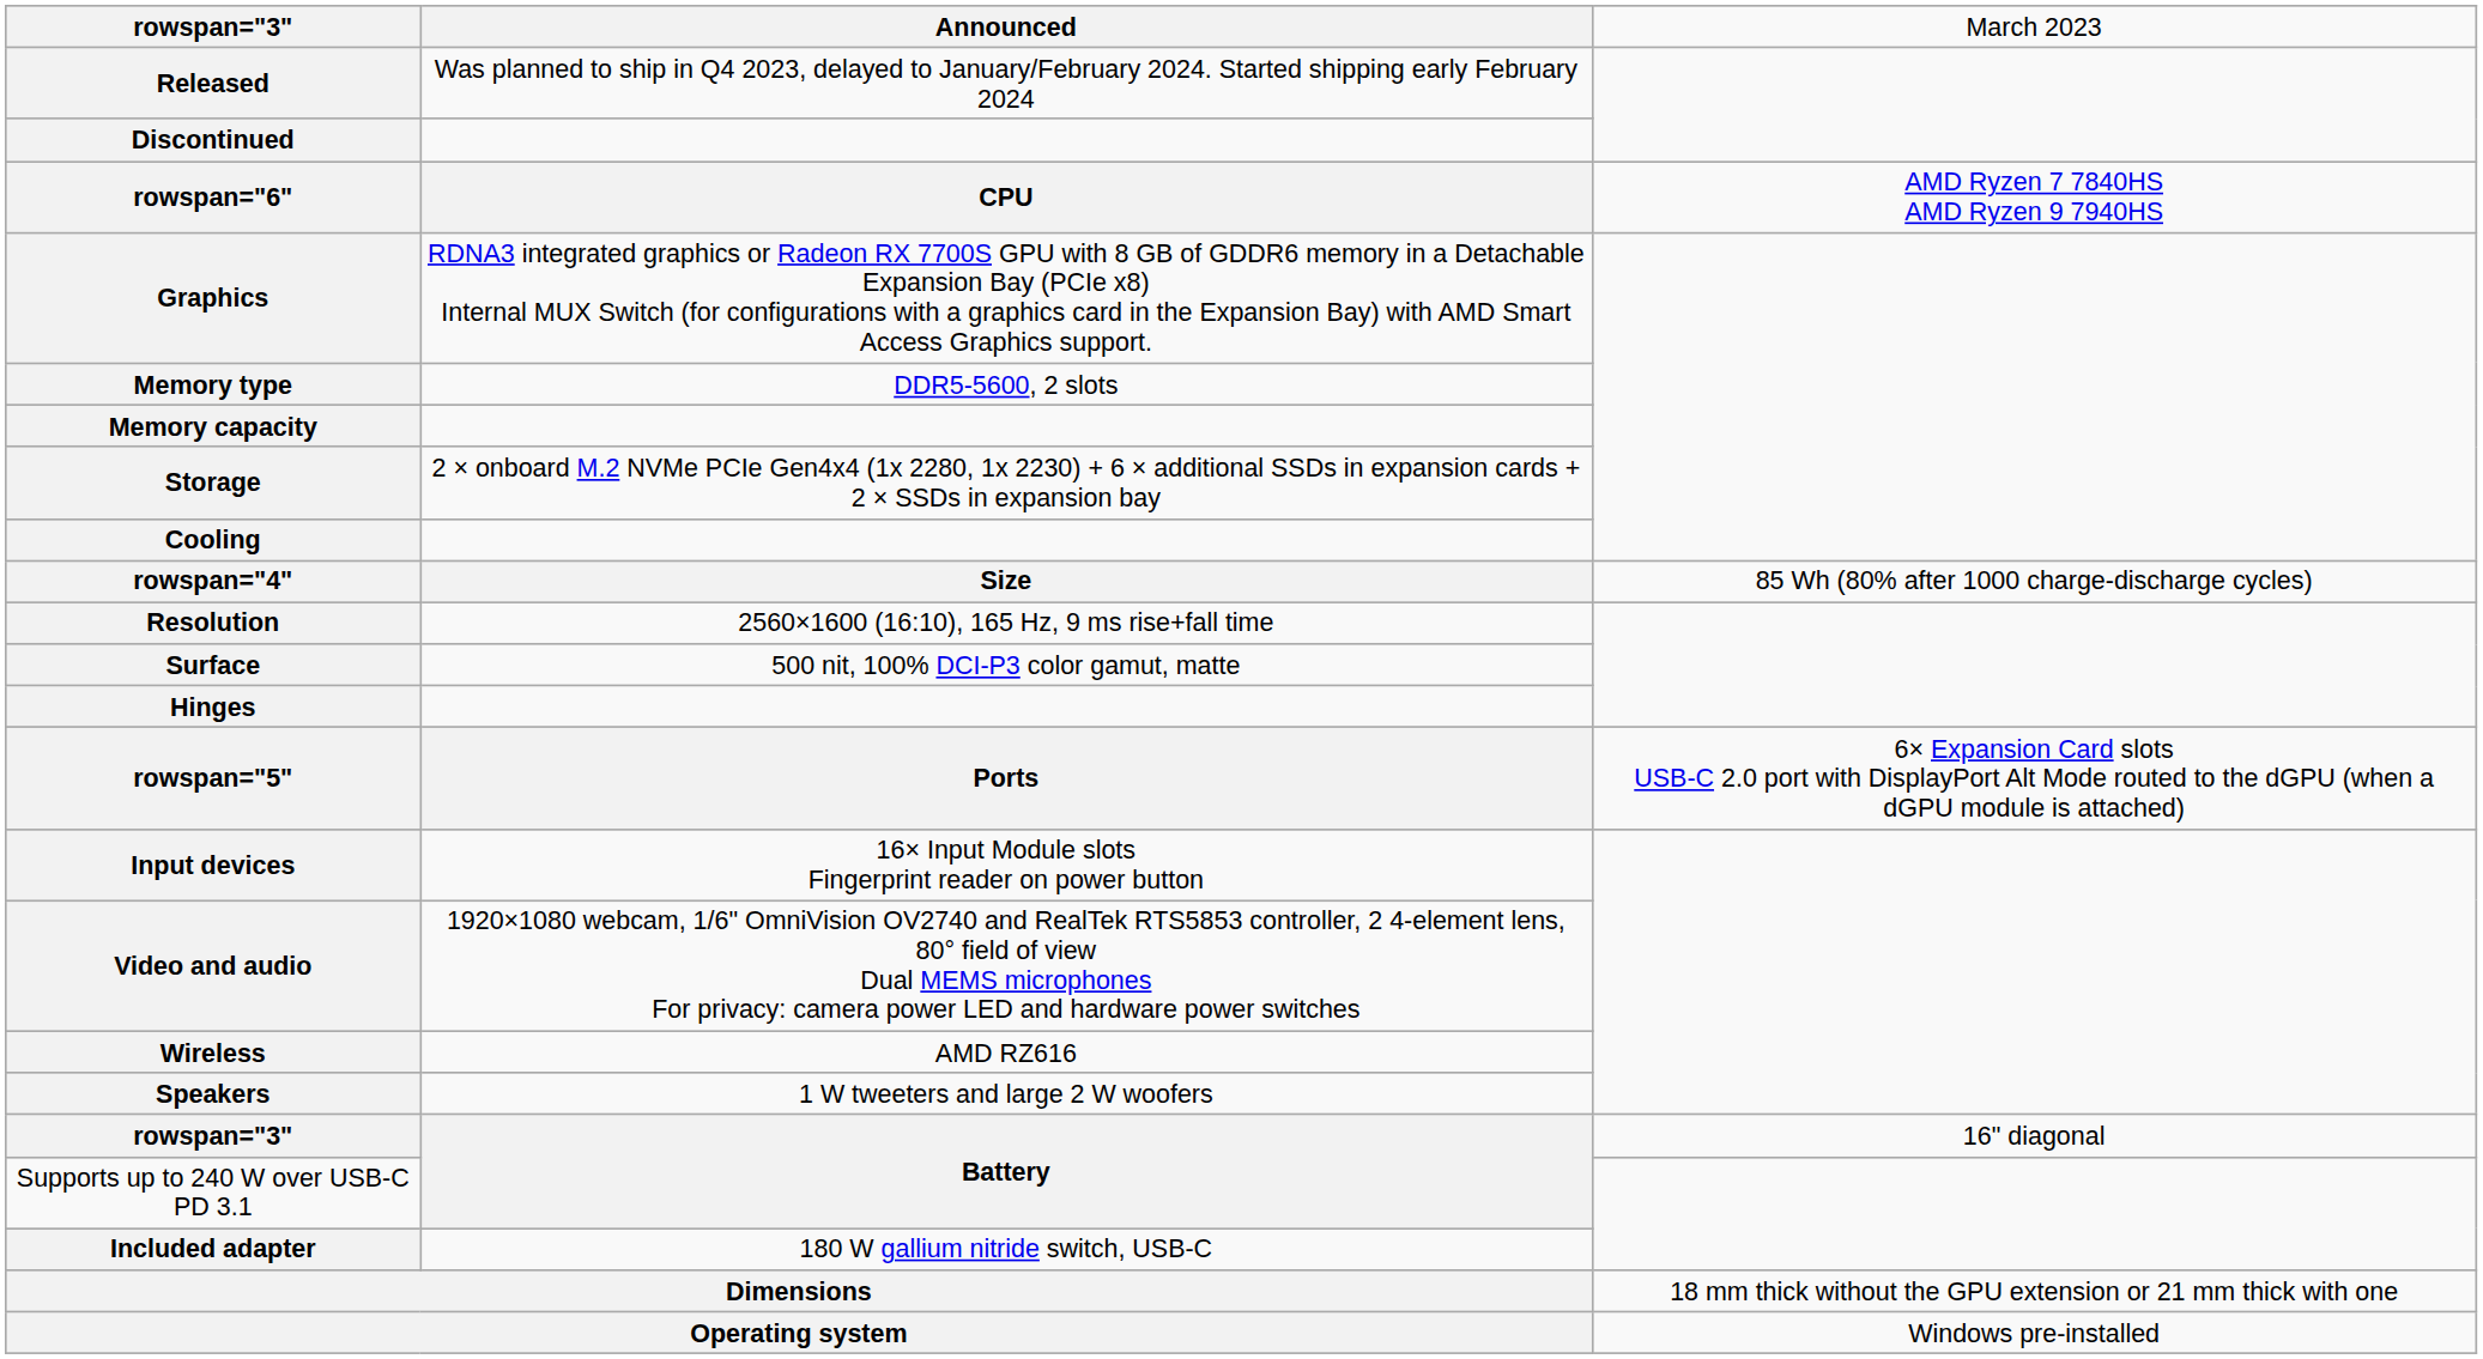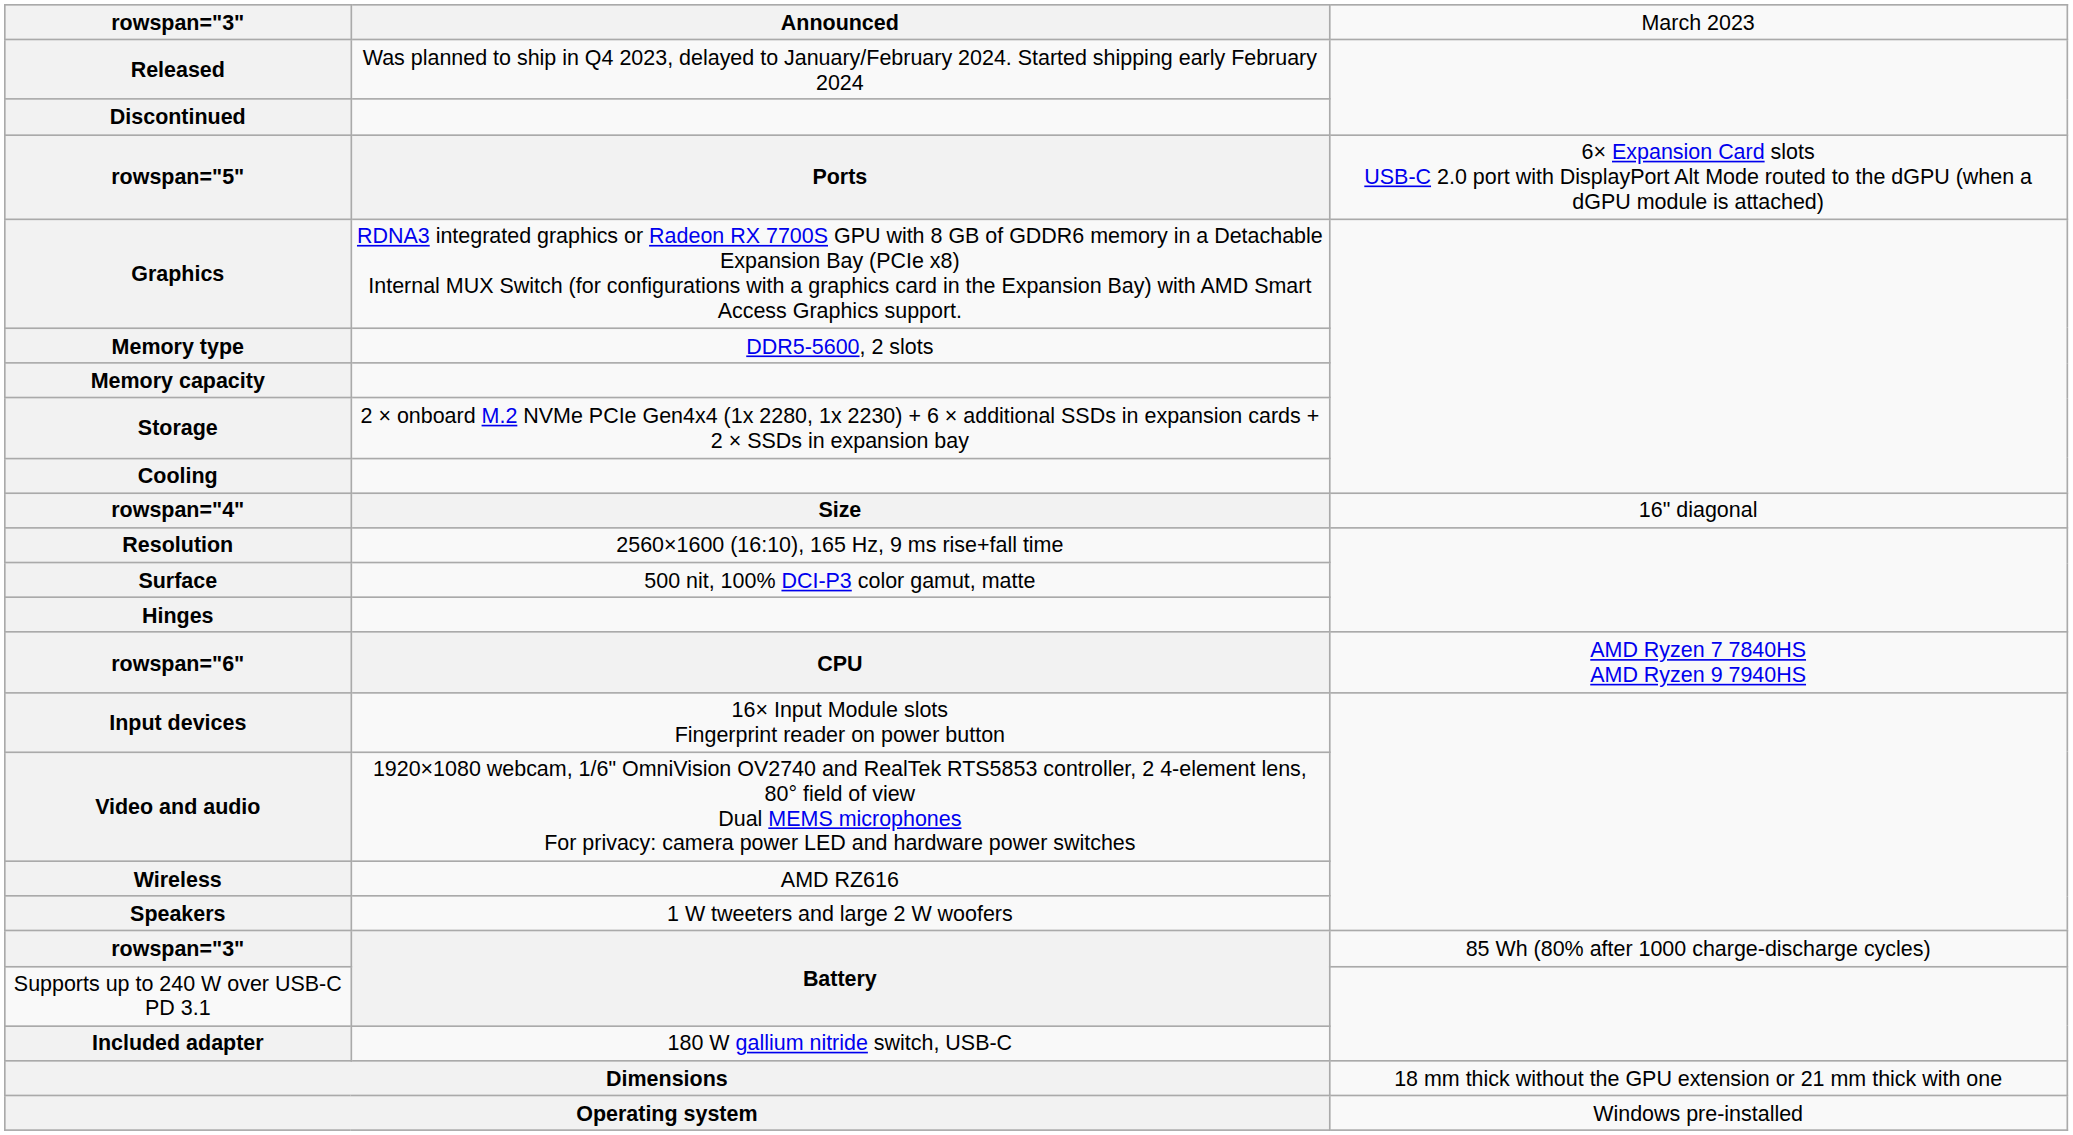 <table class="wikitable mw-collapsible" style="font-size:small; text-align:center">
 <tr>
 <th>rowspan="3" </th>
 <th>Announced</th>
 <td>March 2023</td>
 </tr>
 <tr>
 <th>Released</th>
 <td>Was planned to ship in Q4 2023, delayed to January/February 2024. Started shipping early February 2024</td>
 </tr>
 <tr>
 <th>Discontinued</th>
 <td></td>
 </tr>
 <tr>
-<th>rowspan="6" </th>
-<th>CPU</th>
-<td><a href='#'>AMD Ryzen 7 7840HS</a><br><a href='#'>AMD Ryzen 9 7940HS</a></td>
+<th>rowspan="5" </th>
+<th>Ports</th>
+<td>6× <a href='#'>Expansion Card</a> slots<br><a href='#'>USB-C</a> 2.0 port with DisplayPort Alt Mode routed to the dGPU (when a dGPU module is attached)</td>
 </tr>
 <tr>
 <th>Graphics</th>
 <td><a href='#'>RDNA3</a> integrated graphics or <a href='#'>Radeon RX 7700S</a> GPU with 8 GB of GDDR6 memory in a Detachable Expansion Bay (PCIe x8)<br>Internal MUX Switch (for configurations with a graphics card in the Expansion Bay) with AMD Smart Access Graphics support.</td>
 </tr>
 <tr>
 <th>Memory type</th>
 <td><a href='#'>DDR5-5600</a>, 2 slots</td>
 </tr>
 <tr>
 <th>Memory capacity</th>
 <td></td>
 </tr>
 <tr>
 <th>Storage</th>
 <td>2 × onboard <a href='#'>M.2</a> NVMe PCIe Gen4x4 (1x 2280, 1x 2230) + 6 × additional SSDs in expansion cards + 2 × SSDs in expansion bay</td>
 </tr>
 <tr>
 <th>Cooling</th>
 <td></td>
 </tr>
 <tr>
 <th>rowspan="4" </th>
 <th>Size</th>
-<td>85 Wh (80% after 1000 charge-discharge cycles)</td>
+<td>16" diagonal</td>
 </tr>
 <tr>
 <th>Resolution</th>
 <td>2560×1600 (16:10), 165 Hz, 9 ms rise+fall time</td>
 </tr>
 <tr>
 <th>Surface</th>
 <td>500 nit, 100% <a href='#'>DCI-P3</a> color gamut, matte</td>
 </tr>
 <tr>
 <th>Hinges</th>
 <td></td>
 </tr>
 <tr>
-<th>rowspan="5" </th>
-<th>Ports</th>
-<td>6× <a href='#'>Expansion Card</a> slots<br><a href='#'>USB-C</a> 2.0 port with DisplayPort Alt Mode routed to the dGPU (when a dGPU module is attached)</td>
+<th>rowspan="6" </th>
+<th>CPU</th>
+<td><a href='#'>AMD Ryzen 7 7840HS</a><br><a href='#'>AMD Ryzen 9 7940HS</a></td>
 </tr>
 <tr>
 <th>Input devices</th>
 <td>16× Input Module slots<br>Fingerprint reader on power button</td>
 </tr>
 <tr>
 <th>Video and audio</th>
 <td>1920×1080 webcam, 1/6" OmniVision OV2740 and RealTek RTS5853 controller, 2 4-element lens, 80° field of view<br>Dual <a href='#'>MEMS microphones</a><br>For privacy: camera power LED and hardware power switches</td>
 </tr>
 <tr>
 <th>Wireless</th>
 <td>AMD RZ616</td>
 </tr>
 <tr>
 <th>Speakers</th>
 <td>1 W tweeters and large 2 W woofers</td>
 </tr>
 <tr>
 <th>rowspan="3" </th>
 <th rowspan="2">Battery</th>
-<td>16" diagonal</td>
+<td>85 Wh (80% after 1000 charge-discharge cycles)</td>
 </tr>
 <tr>
 <td>Supports up to 240 W over USB-C PD 3.1</td>
 </tr>
 <tr>
 <th>Included adapter</th>
 <td>180 W <a href='#'>gallium nitride</a> switch, USB-C</td>
 </tr>
 <tr>
 <th colspan="2">Dimensions</th>
 <td>18 mm thick without the GPU extension or 21 mm thick with one</td>
 </tr>
 <tr>
 <th colspan="2">Operating system</th>
 <td>Windows pre-installed<br></td>
 </tr>
 </table>
